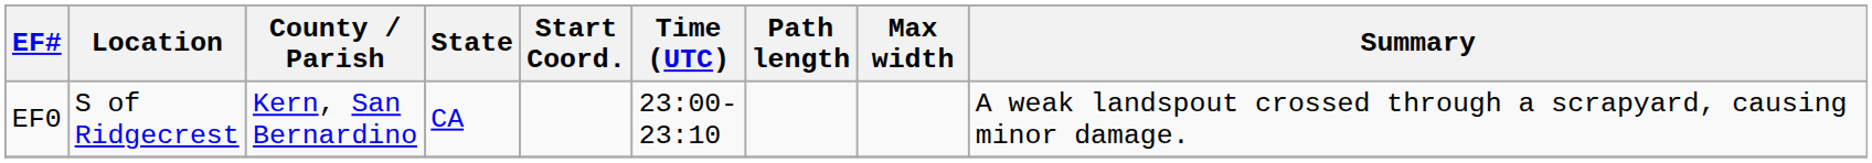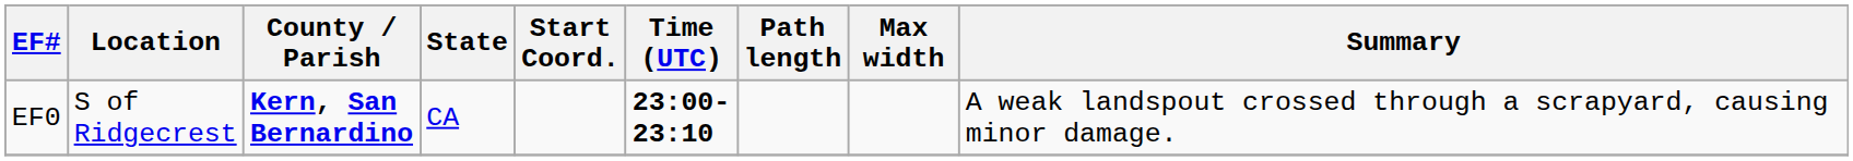 <table class="wikitable sortable" style="width:100%;">
 <tr>
 <th scope="col"  style="width:3%; text-align:center;"><a href='#'>EF#</a></th>
 <th scope="col"  style="width:7%; text-align:center;" class="unsortable">Location</th>
 <th scope="col"  style="width:6%; text-align:center;" class="unsortable">County / Parish</th>
 <th scope="col"  style="width:5%; text-align:center;">State</th>
 <th scope="col"  style="width:6%; text-align:center;">Start Coord.</th>
 <th scope="col"  style="width:6%; text-align:center;">Time (<a href='#'>UTC</a>)</th>
 <th scope="col"  style="width:6%; text-align:center;">Path length</th>
 <th scope="col"  style="width:6%; text-align:center;">Max width</th>
 <th scope="col" class="unsortable" style="width:48%; text-align:center;">Summary</th>
 </tr>
 <tr>
 <td>EF0</td>
 <td>S of <a href='#'>Ridgecrest</a></td>
-<td><a href='#'>Kern</a>, <a href='#'>San Bernardino</a></td>
+<td><strong><a href='#'>Kern</a>, <a href='#'>San Bernardino</a></strong></td>
 <td><a href='#'>CA</a></td>
 <td></td>
-<td>23:00-23:10</td>
+<td><strong>23:00-23:10</strong></td>
 <td></td>
 <td></td>
 <td>A weak landspout crossed through a scrapyard, causing minor damage.</td>
 </tr>
 <tr>
 </tr>
 </table>
